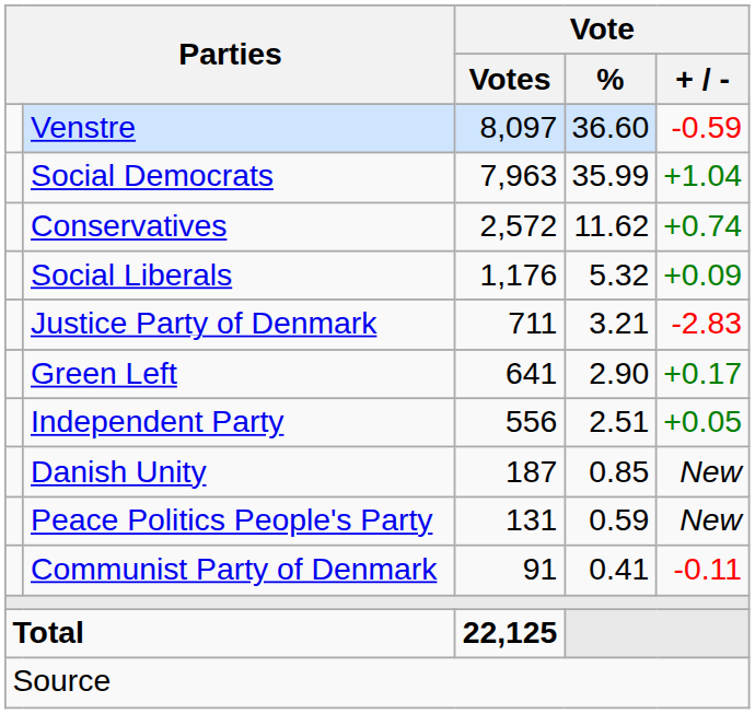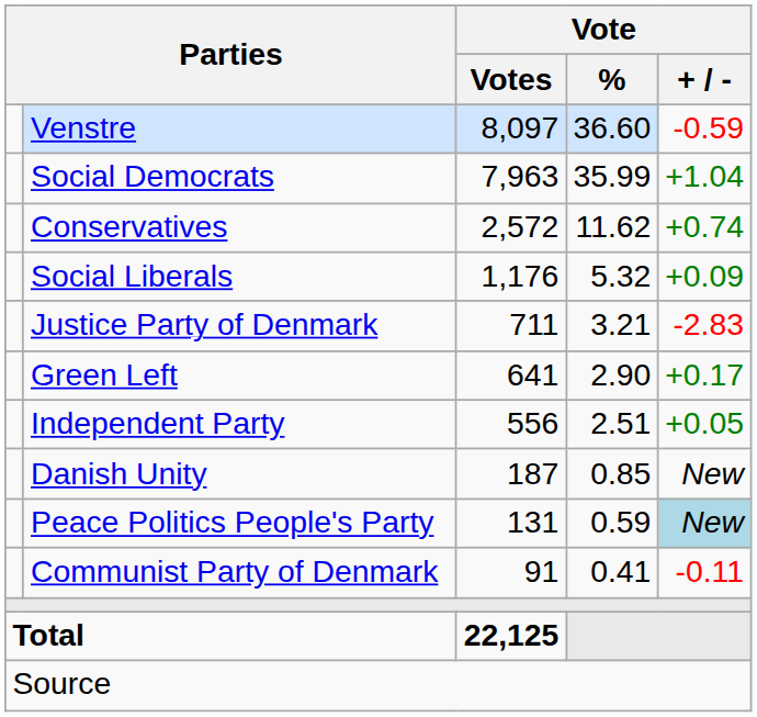 <table class="wikitable" style="text-align:right;">
 <tr>
 <th style="text-align:centre;" rowspan="2" colspan="2" width="225">Parties</th>
 <th colspan="3">Vote</th>
 </tr>
 <tr>
 <th width="15">Votes</th>
 <th width="15">%</th>
 <th width="15">+ / -</th>
 </tr>
 <tr>
 <td width="2" style="color:inherit;background:"></td>
 <td bgcolor=#cfe5fe  align="left"><a href='#'>Venstre</a></td>
 <td bgcolor=#cfe5fe>8,097</td>
 <td bgcolor=#cfe5fe>36.60</td>
 <td style=color:red;>-0.59</td>
 </tr>
 <tr>
 <td width="2" style="color:inherit;background:"></td>
 <td align="left"><a href='#'>Social Democrats</a></td>
 <td>7,963</td>
 <td>35.99</td>
 <td style=color:green;>+1.04</td>
 </tr>
 <tr>
 <td width="2" style="color:inherit;background:"></td>
 <td align="left"><a href='#'>Conservatives</a></td>
 <td>2,572</td>
 <td>11.62</td>
 <td style=color:green;>+0.74</td>
 </tr>
 <tr>
 <td width="2" style="color:inherit;background:"></td>
 <td align="left"><a href='#'>Social Liberals</a></td>
 <td>1,176</td>
 <td>5.32</td>
 <td style=color:green;>+0.09</td>
 </tr>
 <tr>
 <td width="2" style="color:inherit;background:"></td>
 <td align="left"><a href='#'>Justice Party of Denmark</a></td>
 <td>711</td>
 <td>3.21</td>
 <td style=color:red;>-2.83</td>
 </tr>
 <tr>
 <td width="2" style="color:inherit;background:"></td>
 <td align="left"><a href='#'>Green Left</a></td>
 <td>641</td>
 <td>2.90</td>
 <td style=color:green;>+0.17</td>
 </tr>
 <tr>
 <td width="2" style="color:inherit;background:"></td>
 <td align="left"><a href='#'>Independent Party</a></td>
 <td>556</td>
 <td>2.51</td>
 <td style=color:green;>+0.05</td>
 </tr>
 <tr>
 <td width="2" style="color:inherit;background:"></td>
 <td align="left"><a href='#'>Danish Unity</a></td>
 <td>187</td>
 <td>0.85</td>
 <td><em>New</em></td>
 </tr>
 <tr>
 <td width="2" style="color:inherit;background:"></td>
 <td align="left"><a href='#'>Peace Politics People's Party</a></td>
 <td>131</td>
 <td>0.59</td>
-<td><em>New</em></td>
+<td style="background: lightblue;"><em>New</em></td>
 </tr>
 <tr>
 <td width="2" style="color:inherit;background:"></td>
 <td align="left"><a href='#'>Communist Party of Denmark</a></td>
 <td>91</td>
 <td>0.41</td>
 <td style=color:red;>-0.11</td>
 </tr>
 <tr>
 <td colspan="7" bgcolor="#E9E9E9"></td>
 </tr>
 <tr>
 <td align="left" colspan="2"><strong>Total</strong></td>
 <td><strong>22,125</strong></td>
 <td bgcolor="#E9E9E9" colspan="2"></td>
 </tr>
 <tr>
 <td align="left" colspan="6">Source</td>
 </tr>
 </table>
